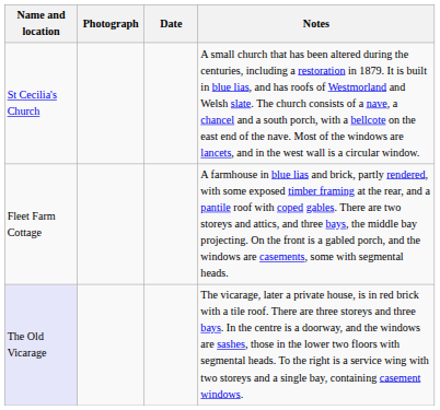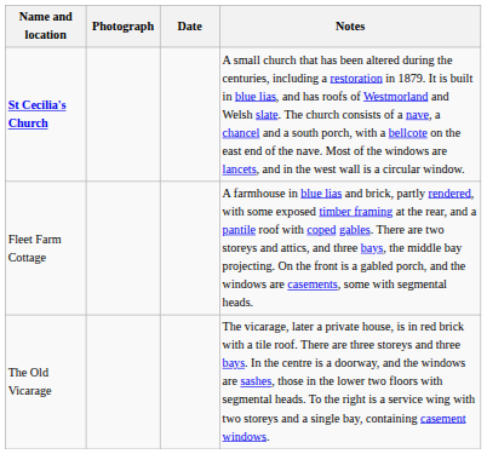 <table class="wikitable sortable plainrowheaders" style="width:100%; border:0px; text-align:left; line-height:150%">
 <tr>
 <th scope="col"  style="width:150px">Name and location</th>
 <th scope="col"  style="width:100px" class="unsortable">Photograph</th>
 <th scope="col"  style="width:120px">Date</th>
 <th scope="col"  style="width:650px" class="unsortable">Notes</th>
 </tr>
 <tr>
-<td><a href='#'>St Cecilia's Church</a><br><small></small></td>
+<td><strong><a href='#'>St Cecilia's Church</a><br><small></small></strong></td>
 <td></td>
 <td align="center"></td>
 <td>A small church that has been altered during the centuries, including a <a href='#'>restoration</a> in 1879.  It is built in <a href='#'>blue lias</a>, and has roofs of <a href='#'>Westmorland</a> and Welsh <a href='#'>slate</a>.  The church consists of a <a href='#'>nave</a>, a <a href='#'>chancel</a> and a south porch, with a <a href='#'>bellcote</a> on the east end of the nave.  Most of the windows are <a href='#'>lancets</a>, and in the west wall is a circular window.</td>
 </tr>
 <tr>
 <td>Fleet Farm Cottage<br><small></small></td>
 <td></td>
 <td align="center"></td>
 <td>A farmhouse in <a href='#'>blue lias</a> and brick, partly <a href='#'>rendered</a>, with some exposed <a href='#'>timber framing</a> at the rear, and a <a href='#'>pantile</a> roof with <a href='#'>coped</a> <a href='#'>gables</a>.  There are two storeys and attics, and three <a href='#'>bays</a>, the middle bay projecting.  On the front is a gabled porch, and the windows are <a href='#'>casements</a>, some with segmental heads.</td>
 </tr>
 <tr>
-<td style="background: lavender;">The Old Vicarage<br><small></small></td>
+<td>The Old Vicarage<br><small></small></td>
 <td></td>
 <td align="center"></td>
 <td>The vicarage, later a private house, is in red brick with a tile roof.  There are three storeys and three <a href='#'>bays</a>.  In the centre is a doorway, and the windows are <a href='#'>sashes</a>, those in the lower two floors with segmental heads.  To the right is a service wing with two storeys and a single bay, containing <a href='#'>casement windows</a>.</td>
 </tr>
 <tr>
 </tr>
 </table>
